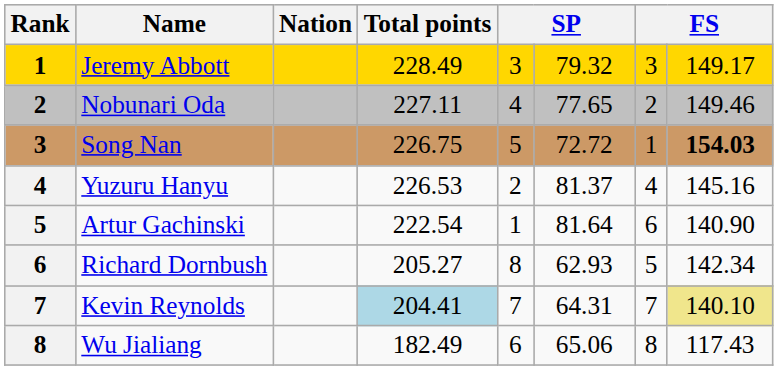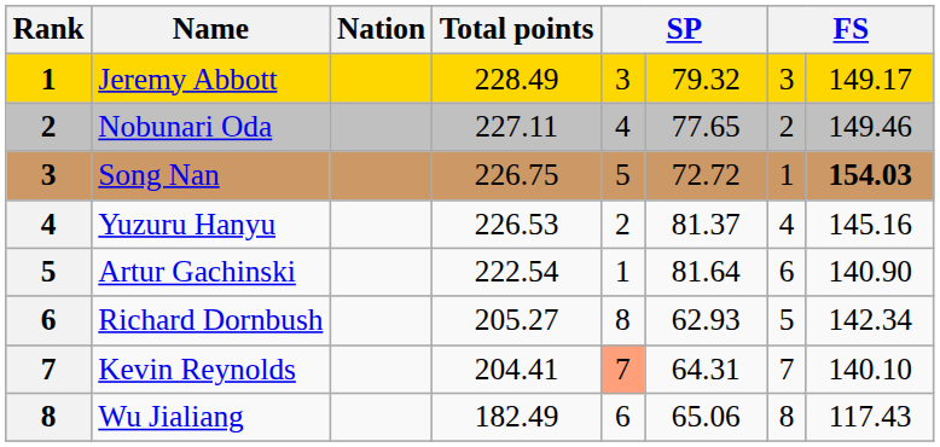 <table class="wikitable sortable">
 <tr>
 <th>Rank</th>
 <th>Name</th>
 <th>Nation</th>
 <th>Total points</th>
 <th colspan="2" width="80px"><a href='#'>SP</a></th>
 <th colspan="2" width="80px"><a href='#'>FS</a></th>
 </tr>
 <tr bgcolor="gold">
 <td align="center"><strong>1</strong></td>
 <td><a href='#'>Jeremy Abbott</a></td>
 <td></td>
 <td align="center">228.49</td>
 <td align="center">3</td>
 <td align="center">79.32</td>
 <td align="center">3</td>
 <td align="center">149.17</td>
 </tr>
 <tr bgcolor="silver">
 <td align="center"><strong>2</strong></td>
 <td><a href='#'>Nobunari Oda</a></td>
 <td></td>
 <td align="center">227.11</td>
 <td align="center">4</td>
 <td align="center">77.65</td>
 <td align="center">2</td>
 <td align="center">149.46</td>
 </tr>
 <tr bgcolor="cc9966">
 <td align="center"><strong>3</strong></td>
 <td><a href='#'>Song Nan</a></td>
 <td></td>
 <td align="center">226.75</td>
 <td align="center">5</td>
 <td align="center">72.72</td>
 <td align="center">1</td>
 <td align="center"><strong>154.03</strong></td>
 </tr>
 <tr>
 <th>4</th>
 <td><a href='#'>Yuzuru Hanyu</a></td>
 <td></td>
 <td align="center">226.53</td>
 <td align="center">2</td>
 <td align="center">81.37</td>
 <td align="center">4</td>
 <td align="center">145.16</td>
 </tr>
 <tr>
 <th>5</th>
 <td><a href='#'>Artur Gachinski</a></td>
 <td></td>
 <td align="center">222.54</td>
 <td align="center">1</td>
 <td align="center">81.64</td>
 <td align="center">6</td>
 <td align="center">140.90</td>
 </tr>
 <tr>
 <th>6</th>
 <td><a href='#'>Richard Dornbush</a></td>
 <td></td>
 <td align="center">205.27</td>
 <td align="center">8</td>
 <td align="center">62.93</td>
 <td align="center">5</td>
 <td align="center">142.34</td>
 </tr>
 <tr>
 <th>7</th>
 <td><a href='#'>Kevin Reynolds</a></td>
 <td></td>
-<td align="center" style="background: lightblue;">204.41</td>
-<td align="center">7</td>
+<td align="center">204.41</td>
+<td align="center" style="background: lightsalmon;">7</td>
 <td align="center">64.31</td>
 <td align="center">7</td>
-<td align="center" style="background: khaki;">140.10</td>
+<td align="center">140.10</td>
 </tr>
 <tr>
 <th>8</th>
 <td><a href='#'>Wu Jialiang</a></td>
 <td></td>
 <td align="center">182.49</td>
 <td align="center">6</td>
 <td align="center">65.06</td>
 <td align="center">8</td>
 <td align="center">117.43</td>
 </tr>
 </table>
